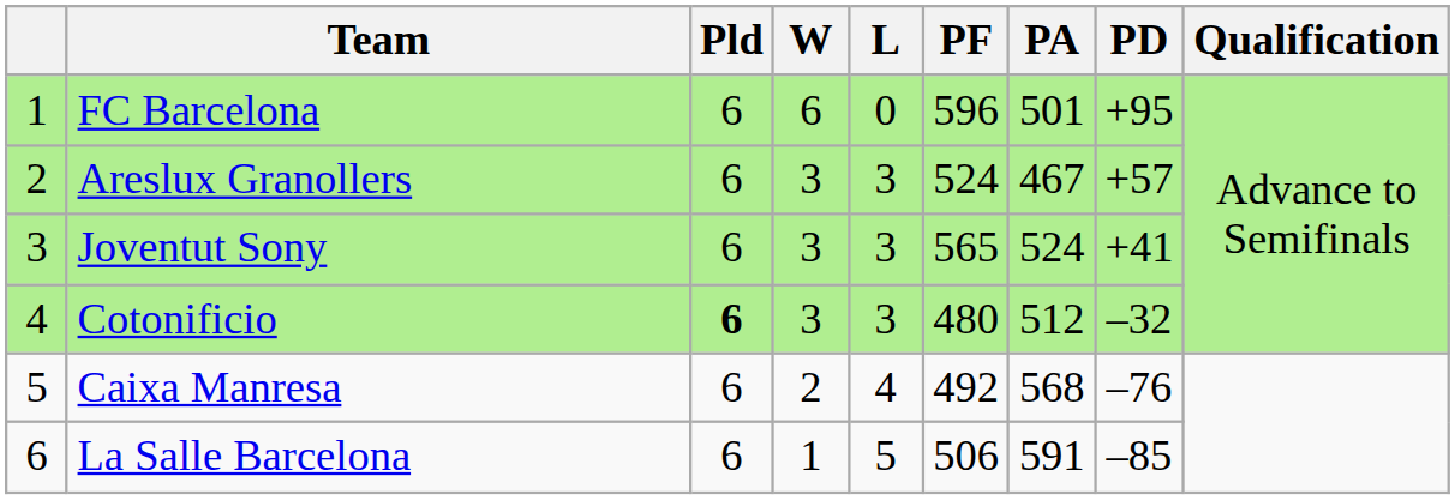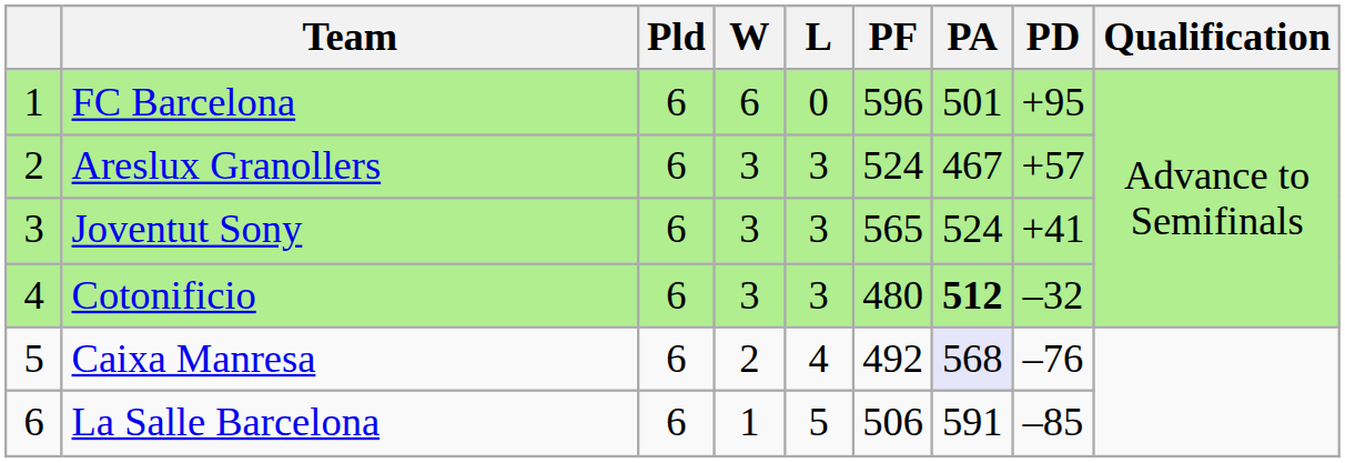 <table class="wikitable" style="text-align:center">
 <tr>
 <th width=15></th>
 <th width=220>Team</th>
 <th width=20>Pld</th>
 <th width=20>W</th>
 <th width=20>L</th>
 <th width=20>PF</th>
 <th width=20>PA</th>
 <th width=20>PD</th>
 <th width=20>Qualification</th>
 </tr>
 <tr style="background: #B0EE90">
 <td>1</td>
 <td align=left><a href='#'>FC Barcelona</a></td>
 <td>6</td>
 <td>6</td>
 <td>0</td>
 <td>596</td>
 <td>501</td>
 <td>+95</td>
 <td rowspan=4>Advance to Semifinals</td>
 </tr>
 <tr style="background: #B0EE90">
 <td>2</td>
 <td align=left><a href='#'>Areslux Granollers</a></td>
 <td>6</td>
 <td>3</td>
 <td>3</td>
 <td>524</td>
 <td>467</td>
 <td>+57</td>
 </tr>
 <tr style="background: #B0EE90">
 <td>3</td>
 <td align=left><a href='#'>Joventut Sony</a></td>
 <td>6</td>
 <td>3</td>
 <td>3</td>
 <td>565</td>
 <td>524</td>
 <td>+41</td>
 </tr>
 <tr style="background: #B0EE90">
 <td>4</td>
 <td align=left><a href='#'>Cotonificio</a></td>
-<td><strong>6</strong></td>
+<td>6</td>
 <td>3</td>
 <td>3</td>
 <td>480</td>
-<td>512</td>
+<td><strong>512</strong></td>
 <td>–32</td>
 </tr>
 <tr>
 <td>5</td>
 <td align=left><a href='#'>Caixa Manresa</a></td>
 <td>6</td>
 <td>2</td>
 <td>4</td>
 <td>492</td>
-<td>568</td>
+<td style="background: lavender;">568</td>
 <td>–76</td>
 </tr>
 <tr>
 <td>6</td>
 <td align=left><a href='#'>La Salle Barcelona</a></td>
 <td>6</td>
 <td>1</td>
 <td>5</td>
 <td>506</td>
 <td>591</td>
 <td>–85</td>
 </tr>
 </table>
